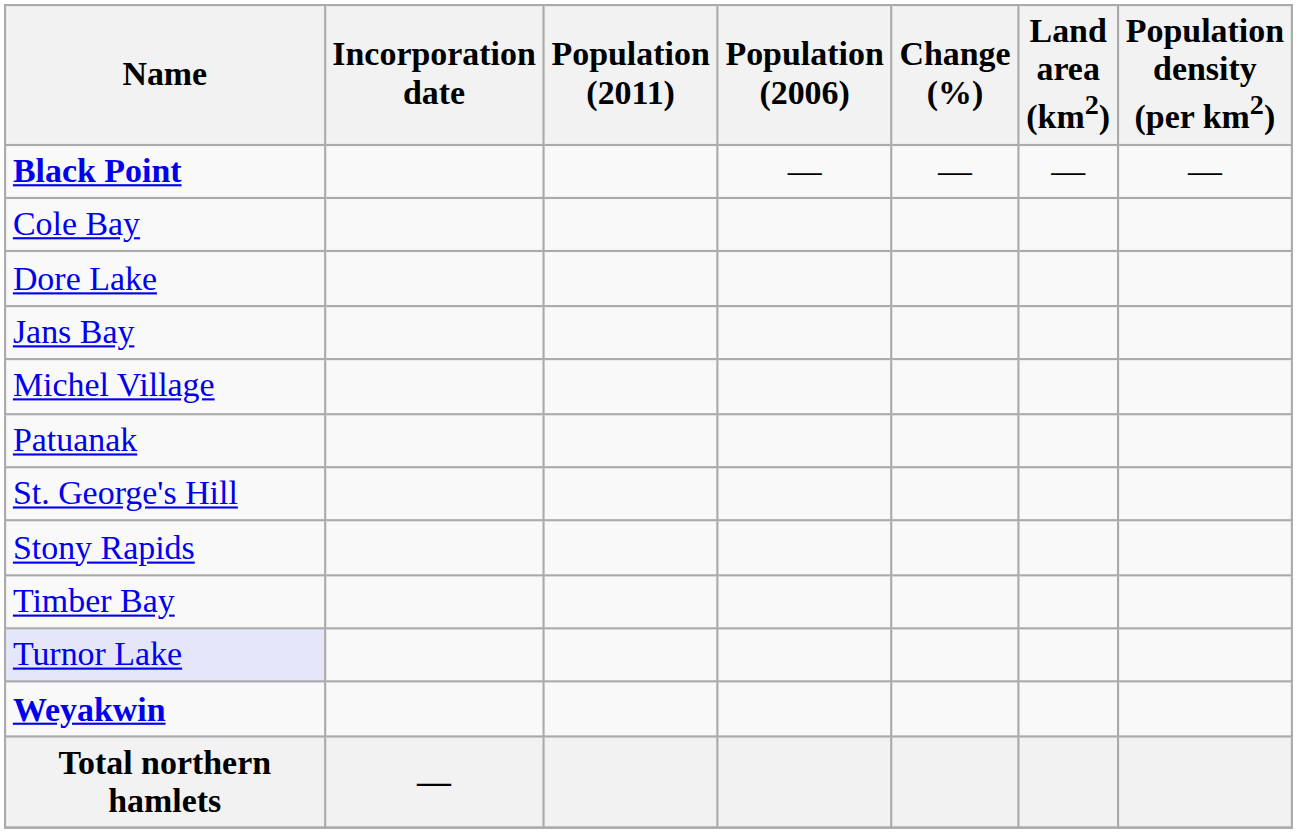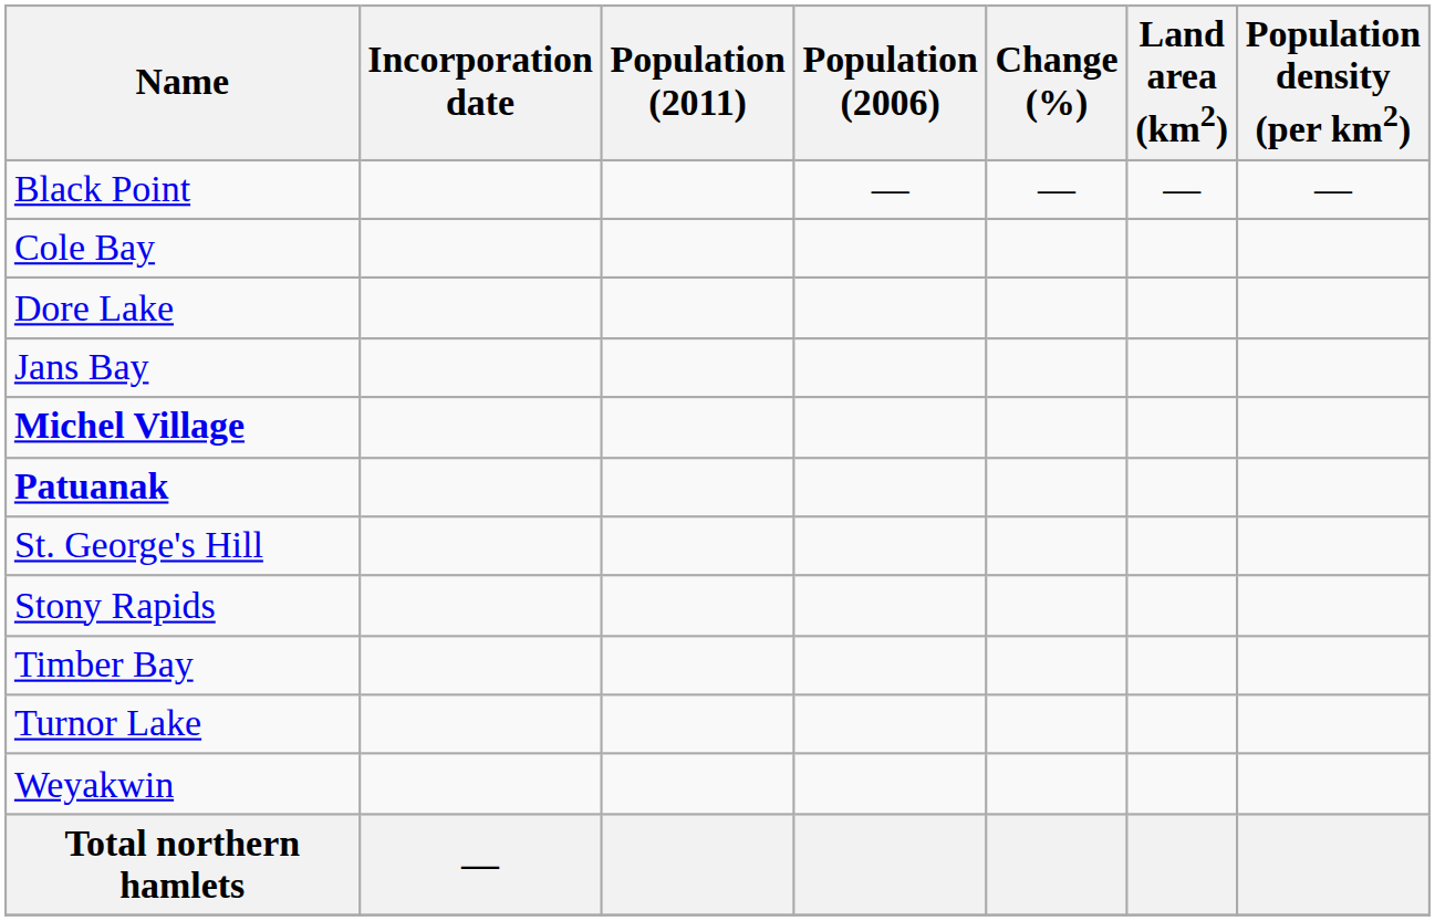 <table class="wikitable sortable collapsible">
 <tr>
 <th>Name</th>
 <th>Incorporation<br>date</th>
 <th>Population<br>(2011)</th>
 <th>Population<br>(2006)</th>
 <th>Change<br>(%)</th>
 <th>Land<br>area<br>(km<sup>2</sup>)</th>
 <th>Population<br>density<br>(per km<sup>2</sup>)</th>
 </tr>
 <tr>
-<td><strong><a href='#'>Black Point</a></strong></td>
+<td><a href='#'>Black Point</a></td>
 <td align=center></td>
 <td align=center></td>
 <td align=center>—</td>
 <td align=center>—</td>
 <td align=center>—</td>
 <td align=center>—</td>
 </tr>
 <tr>
 <td><a href='#'>Cole Bay</a></td>
 <td align=center></td>
 <td align=center></td>
 <td align=center></td>
 <td align=center></td>
 <td align=center></td>
 <td align=center></td>
 </tr>
 <tr>
 <td><a href='#'>Dore Lake</a></td>
 <td align=center></td>
 <td align=center></td>
 <td align=center></td>
 <td align=center></td>
 <td align=center></td>
 <td align=center></td>
 </tr>
 <tr>
 <td><a href='#'>Jans Bay</a></td>
 <td align=center></td>
 <td align=center></td>
 <td align=center></td>
 <td align=center></td>
 <td align=center></td>
 <td align=center></td>
 </tr>
 <tr>
-<td><a href='#'>Michel Village</a></td>
+<td><strong><a href='#'>Michel Village</a></strong></td>
 <td align=center></td>
 <td align=center></td>
 <td align=center></td>
 <td align=center></td>
 <td align=center></td>
 <td align=center></td>
 </tr>
 <tr>
-<td><a href='#'>Patuanak</a></td>
+<td><strong><a href='#'>Patuanak</a></strong></td>
 <td align=center></td>
 <td align=center></td>
 <td align=center></td>
 <td align=center></td>
 <td align=center></td>
 <td align=center></td>
 </tr>
 <tr>
 <td><a href='#'>St. George's Hill</a></td>
 <td align=center></td>
 <td align=center></td>
 <td align=center></td>
 <td align=center></td>
 <td align=center></td>
 <td align=center></td>
 </tr>
 <tr>
 <td><a href='#'>Stony Rapids</a></td>
 <td align=center></td>
 <td align=center></td>
 <td align=center></td>
 <td align=center></td>
 <td align=center></td>
 <td align=center></td>
 </tr>
 <tr>
 <td><a href='#'>Timber Bay</a></td>
 <td align=center></td>
 <td align=center></td>
 <td align=center></td>
 <td align=center></td>
 <td align=center></td>
 <td align=center></td>
 </tr>
 <tr>
-<td style="background: lavender;"><a href='#'>Turnor Lake</a></td>
+<td><a href='#'>Turnor Lake</a></td>
 <td align=center></td>
 <td align=center></td>
 <td align=center></td>
 <td align=center></td>
 <td align=center></td>
 <td align=center></td>
 </tr>
 <tr>
-<td><strong><a href='#'>Weyakwin</a></strong></td>
+<td><a href='#'>Weyakwin</a></td>
 <td align=center></td>
 <td align=center></td>
 <td align=center></td>
 <td align=center></td>
 <td align=center></td>
 <td align=center></td>
 </tr>
 <tr class="sortbottom" align="center">
 <th align="center">Total northern hamlets</th>
 <th align="center">—</th>
 <th align="center"></th>
 <th align="center"></th>
 <th align="center"></th>
 <th align="center"></th>
 <th align="center"></th>
 </tr>
 <tr>
 </tr>
 </table>
